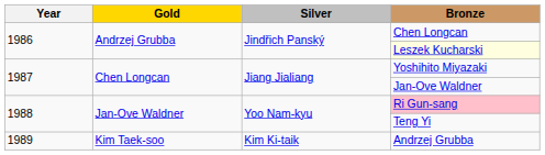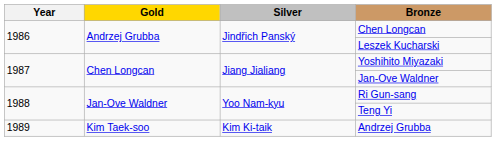 <table class="wikitable" style="text-align: left; width: 750px;">
 <tr>
 <th width="100">Year</th>
 <th width="175" style="background-color: gold">Gold</th>
 <th width="175" style="background-color: silver">Silver</th>
 <th width="175" style="background-color: #cc9966">Bronze</th>
 </tr>
 <tr>
 <td rowspan=2>1986</td>
 <td rowspan=2> <a href='#'>Andrzej Grubba</a></td>
 <td rowspan=2> <a href='#'>Jindřich Panský</a></td>
 <td> <a href='#'>Chen Longcan</a></td>
 </tr>
 <tr>
-<td style="background: lightyellow;"> <a href='#'>Leszek Kucharski</a></td>
+<td> <a href='#'>Leszek Kucharski</a></td>
 </tr>
 <tr>
 <td rowspan=2>1987</td>
 <td rowspan=2> <a href='#'>Chen Longcan</a></td>
 <td rowspan=2> <a href='#'>Jiang Jialiang</a></td>
 <td> <a href='#'>Yoshihito Miyazaki</a></td>
 </tr>
 <tr>
 <td> <a href='#'>Jan-Ove Waldner</a></td>
 </tr>
 <tr>
 <td rowspan=2>1988</td>
 <td rowspan=2> <a href='#'>Jan-Ove Waldner</a></td>
 <td rowspan=2> <a href='#'>Yoo Nam-kyu</a></td>
-<td style="background: pink;"> <a href='#'>Ri Gun-sang</a></td>
+<td> <a href='#'>Ri Gun-sang</a></td>
 </tr>
 <tr>
 <td> <a href='#'>Teng Yi</a></td>
 </tr>
 <tr>
 <td>1989</td>
 <td> <a href='#'>Kim Taek-soo</a></td>
 <td> <a href='#'>Kim Ki-taik</a></td>
 <td> <a href='#'>Andrzej Grubba</a></td>
 </tr>
 </table>
